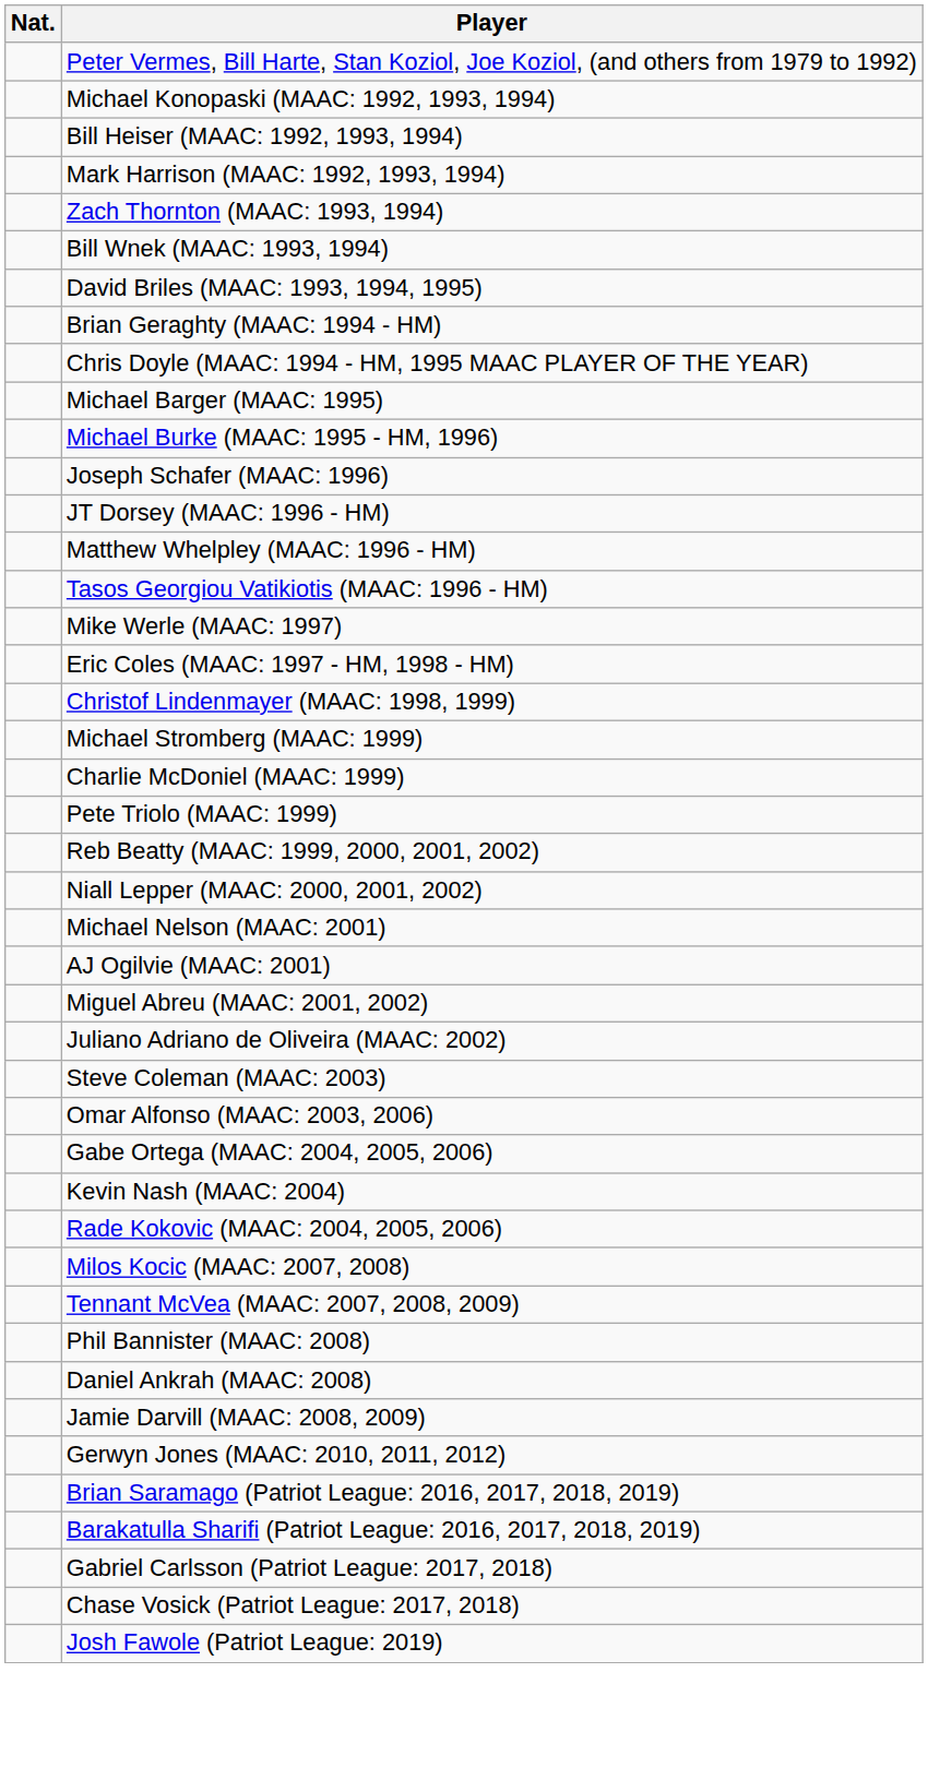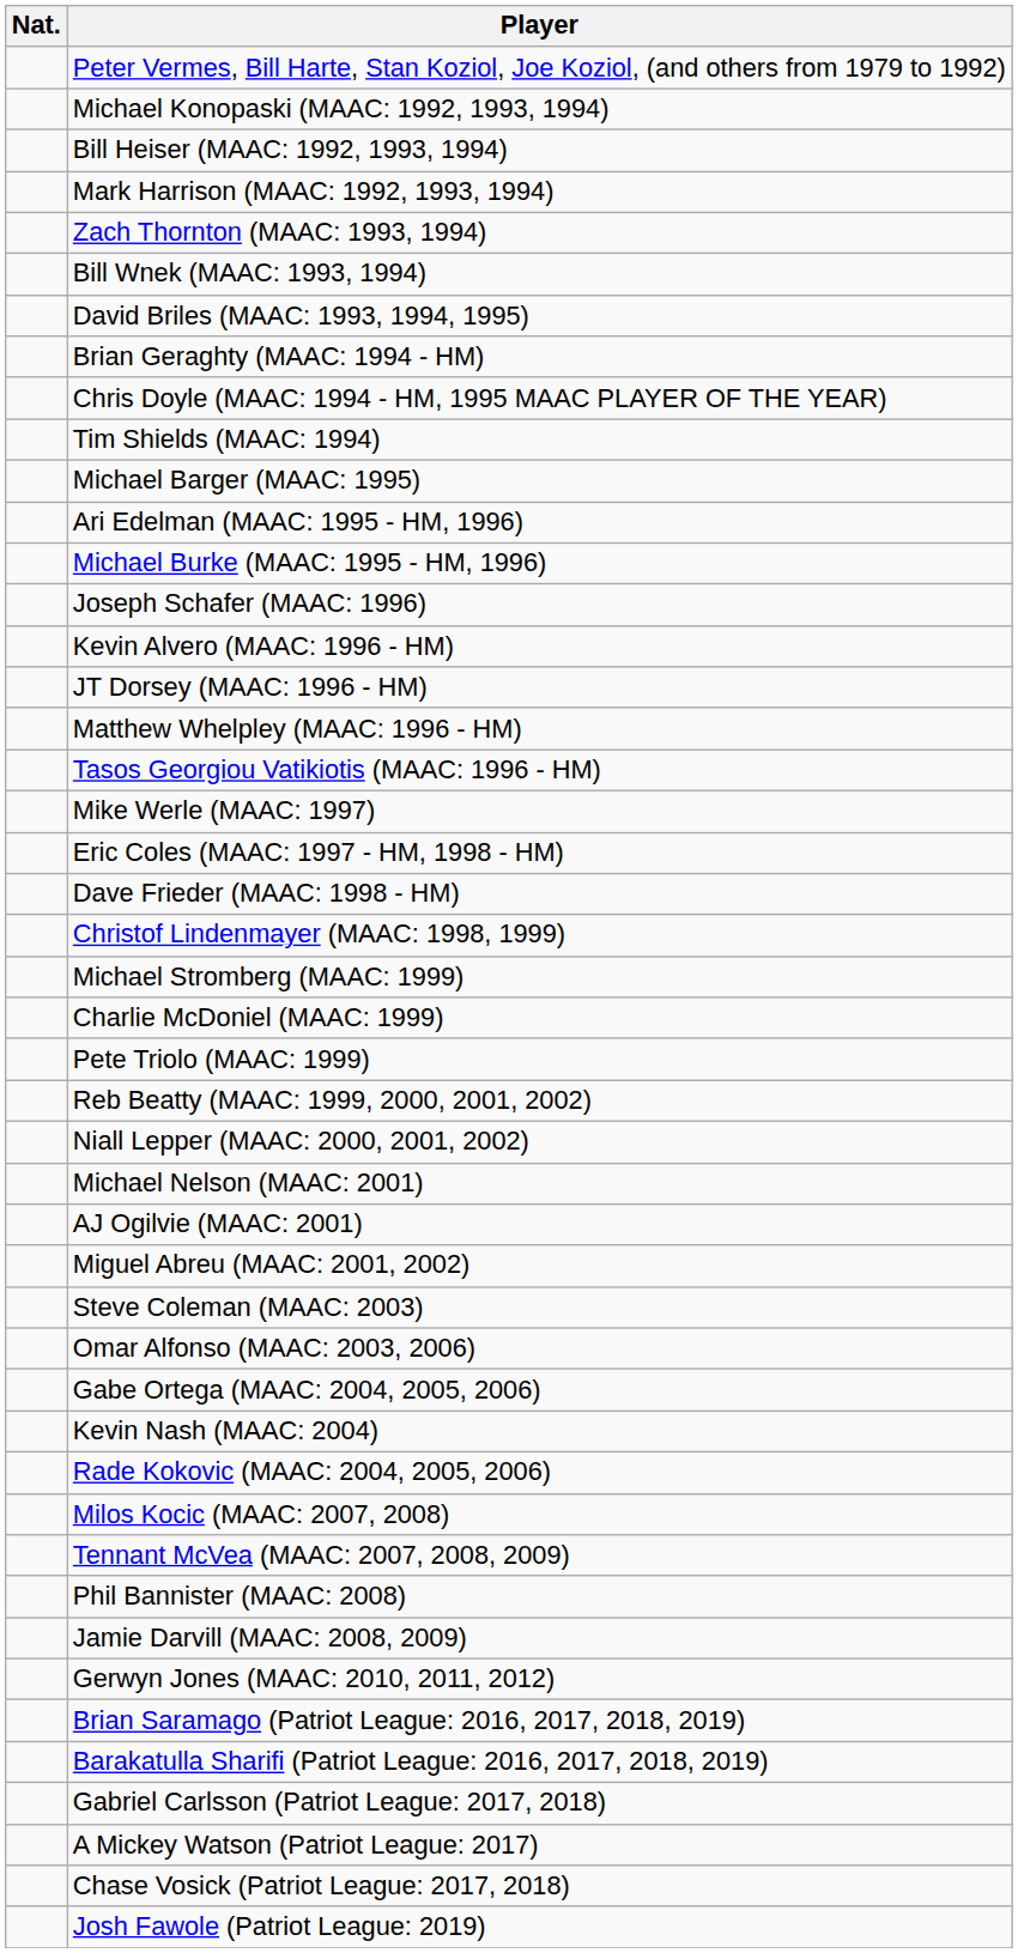 <table class= "wikitable">
 <tr>
 <th width=px>Nat.</th>
 <th width=px>Player</th>
 </tr>
 <tr>
 <td></td>
 <td><a href='#'>Peter Vermes</a>, <a href='#'>Bill Harte</a>, <a href='#'>Stan Koziol</a>, <a href='#'>Joe Koziol</a>, (and others from 1979 to 1992)</td>
 </tr>
 <tr>
 <td></td>
 <td>Michael Konopaski (MAAC: 1992, 1993, 1994)</td>
 </tr>
 <tr>
 <td></td>
 <td>Bill Heiser (MAAC: 1992, 1993, 1994)</td>
 </tr>
 <tr>
 <td></td>
 <td>Mark Harrison (MAAC: 1992, 1993, 1994)</td>
 </tr>
 <tr>
 <td></td>
 <td><a href='#'>Zach Thornton</a> (MAAC: 1993, 1994)</td>
 </tr>
 <tr>
 <td></td>
 <td>Bill Wnek (MAAC: 1993, 1994)</td>
 </tr>
 <tr>
 <td></td>
 <td>David Briles (MAAC: 1993, 1994, 1995)</td>
 </tr>
 <tr>
 <td></td>
 <td>Brian Geraghty (MAAC: 1994 - HM)</td>
 </tr>
 <tr>
 <td></td>
 <td>Chris Doyle (MAAC: 1994 - HM, 1995 MAAC PLAYER OF THE YEAR)</td>
 </tr>
 <tr>
 <td></td>
+<td>Tim Shields (MAAC: 1994)</td>
+</tr>
+<tr>
+<td></td>
 <td>Michael Barger (MAAC: 1995)</td>
+</tr>
+<tr>
+<td></td>
+<td>Ari Edelman (MAAC: 1995 - HM, 1996)</td>
 </tr>
 <tr>
 <td></td>
 <td><a href='#'>Michael Burke</a> (MAAC: 1995 - HM, 1996)</td>
 </tr>
 <tr>
 <td></td>
 <td>Joseph Schafer (MAAC: 1996)</td>
+</tr>
+<tr>
+<td></td>
+<td>Kevin Alvero (MAAC: 1996 - HM)</td>
 </tr>
 <tr>
 <td></td>
 <td>JT Dorsey (MAAC: 1996 - HM)</td>
 </tr>
 <tr>
 <td></td>
 <td>Matthew Whelpley (MAAC: 1996 - HM)</td>
 </tr>
 <tr>
 <td></td>
 <td><a href='#'>Tasos Georgiou Vatikiotis</a> (MAAC: 1996 - HM)</td>
 </tr>
 <tr>
 <td></td>
 <td>Mike Werle (MAAC: 1997)</td>
 </tr>
 <tr>
 <td></td>
 <td>Eric Coles (MAAC: 1997 - HM, 1998 - HM)</td>
+</tr>
+<tr>
+<td></td>
+<td>Dave Frieder (MAAC: 1998 - HM)</td>
 </tr>
 <tr>
 <td></td>
 <td><a href='#'>Christof Lindenmayer</a> (MAAC: 1998, 1999)</td>
 </tr>
 <tr>
 <td></td>
 <td>Michael Stromberg (MAAC: 1999)</td>
 </tr>
 <tr>
 <td></td>
 <td>Charlie McDoniel (MAAC: 1999)</td>
 </tr>
 <tr>
 <td></td>
 <td>Pete Triolo (MAAC: 1999)</td>
 </tr>
 <tr>
 <td></td>
 <td>Reb Beatty (MAAC: 1999, 2000, 2001, 2002)</td>
 </tr>
 <tr>
 <td></td>
 <td>Niall Lepper (MAAC: 2000, 2001, 2002)</td>
 </tr>
 <tr>
 <td></td>
 <td>Michael Nelson (MAAC: 2001)</td>
 </tr>
 <tr>
 <td></td>
 <td>AJ Ogilvie (MAAC: 2001)</td>
 </tr>
 <tr>
 <td></td>
 <td>Miguel Abreu (MAAC: 2001, 2002)</td>
 </tr>
 <tr>
 <td></td>
-<td>Juliano Adriano de Oliveira (MAAC: 2002)</td>
-</tr>
-<tr>
-<td></td>
 <td>Steve Coleman (MAAC: 2003)</td>
 </tr>
 <tr>
 <td></td>
 <td>Omar Alfonso (MAAC: 2003, 2006)</td>
 </tr>
 <tr>
 <td></td>
 <td>Gabe Ortega (MAAC: 2004, 2005, 2006)</td>
 </tr>
 <tr>
 <td></td>
 <td>Kevin Nash (MAAC: 2004)</td>
 </tr>
 <tr>
 <td></td>
 <td><a href='#'>Rade Kokovic</a> (MAAC: 2004, 2005, 2006)</td>
 </tr>
 <tr>
 <td></td>
 <td><a href='#'>Milos Kocic</a> (MAAC: 2007, 2008)</td>
 </tr>
 <tr>
 <td></td>
 <td><a href='#'>Tennant McVea</a> (MAAC: 2007, 2008, 2009)</td>
 </tr>
 <tr>
 <td></td>
 <td>Phil Bannister (MAAC: 2008)</td>
 </tr>
 <tr>
 <td></td>
-<td>Daniel Ankrah (MAAC: 2008)</td>
-</tr>
-<tr>
-<td></td>
 <td>Jamie Darvill (MAAC: 2008, 2009)</td>
 </tr>
 <tr>
 <td></td>
 <td>Gerwyn Jones (MAAC: 2010, 2011, 2012)</td>
 </tr>
 <tr>
 <td></td>
 <td><a href='#'>Brian Saramago</a> (Patriot League: 2016, 2017, 2018, 2019)</td>
 </tr>
 <tr>
 <td></td>
 <td><a href='#'>Barakatulla Sharifi</a> (Patriot League: 2016, 2017, 2018, 2019)</td>
 </tr>
 <tr>
 <td></td>
 <td>Gabriel Carlsson (Patriot League: 2017, 2018)</td>
 </tr>
 <tr>
 <td></td>
+<td>A Mickey Watson  (Patriot League: 2017)</td>
+</tr>
+<tr>
+<td></td>
 <td>Chase Vosick  (Patriot League: 2017, 2018)</td>
 </tr>
 <tr>
 <td></td>
 <td><a href='#'>Josh Fawole</a> (Patriot League: 2019)</td>
 </tr>
 <tr>
 </tr>
 </table>
